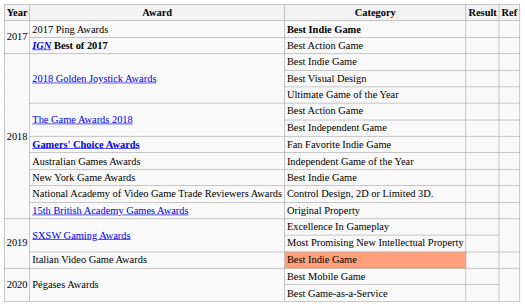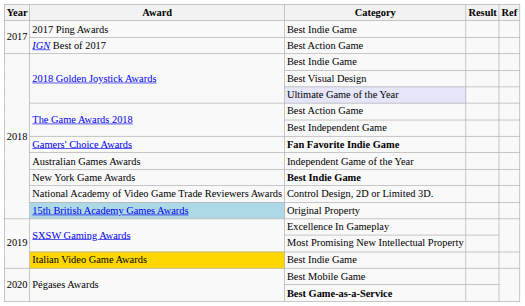 <table class="wikitable sortable">
 <tr>
 <th>Year</th>
 <th>Award</th>
 <th>Category</th>
 <th>Result</th>
 <th>Ref</th>
 </tr>
 <tr>
 <td rowspan="2">2017</td>
 <td>2017 Ping Awards</td>
-<td><strong>Best Indie Game</strong></td>
+<td>Best Indie Game</td>
 <td></td>
 <td></td>
 </tr>
 <tr>
-<td><strong><em><a href='#'>IGN</a></em> Best of 2017</strong></td>
+<td><em><a href='#'>IGN</a></em> Best of 2017</td>
 <td>Best Action Game</td>
 <td></td>
 <td></td>
 </tr>
 <tr>
 <td rowspan="10">2018</td>
 <td rowspan="3"><a href='#'>2018 Golden Joystick Awards</a></td>
 <td>Best Indie Game</td>
 <td></td>
 <td></td>
 </tr>
 <tr>
 <td>Best Visual Design</td>
 <td></td>
 <td></td>
 </tr>
 <tr>
-<td>Ultimate Game of the Year</td>
+<td style="background: lavender;">Ultimate Game of the Year</td>
 <td></td>
 <td></td>
 </tr>
 <tr>
 <td rowspan="2"><a href='#'>The Game Awards 2018</a></td>
 <td>Best Action Game</td>
 <td></td>
 <td></td>
 </tr>
 <tr>
 <td>Best Independent Game</td>
 <td></td>
 <td></td>
 </tr>
 <tr>
-<td><strong><a href='#'>Gamers' Choice Awards</a></strong></td>
-<td>Fan Favorite Indie Game</td>
+<td><a href='#'>Gamers' Choice Awards</a></td>
+<td><strong>Fan Favorite Indie Game</strong></td>
 <td></td>
 <td></td>
 </tr>
 <tr>
 <td>Australian Games Awards</td>
 <td>Independent Game of the Year</td>
 <td></td>
 <td></td>
 </tr>
 <tr>
 <td>New York Game Awards</td>
-<td>Best Indie Game</td>
+<td><strong>Best Indie Game</strong></td>
 <td></td>
 <td></td>
 </tr>
 <tr>
 <td>National Academy of Video Game Trade Reviewers Awards</td>
 <td>Control Design, 2D or Limited 3D.</td>
 <td></td>
 <td></td>
 </tr>
 <tr>
-<td><a href='#'>15th British Academy Games Awards</a></td>
+<td style="background: lightblue;"><a href='#'>15th British Academy Games Awards</a></td>
 <td>Original Property</td>
 <td></td>
 <td></td>
 </tr>
 <tr>
 <td rowspan="3">2019</td>
 <td rowspan="2"><a href='#'>SXSW Gaming Awards</a></td>
 <td>Excellence In Gameplay</td>
 <td></td>
 <td rowspan="2"></td>
 </tr>
 <tr>
 <td>Most Promising New Intellectual Property</td>
 <td></td>
 </tr>
 <tr>
-<td>Italian Video Game Awards</td>
-<td style="background: lightsalmon;">Best Indie Game</td>
+<td style="background: gold;">Italian Video Game Awards</td>
+<td>Best Indie Game</td>
 <td></td>
 <td></td>
 </tr>
 <tr>
 <td rowspan="2">2020</td>
 <td rowspan="2">Pégases Awards</td>
 <td>Best Mobile Game</td>
 <td></td>
 <td rowspan="2"></td>
 </tr>
 <tr>
-<td>Best Game-as-a-Service</td>
+<td><strong>Best Game-as-a-Service</strong></td>
 <td></td>
 </tr>
 </table>
